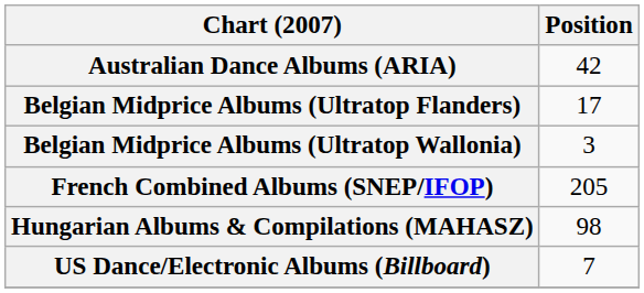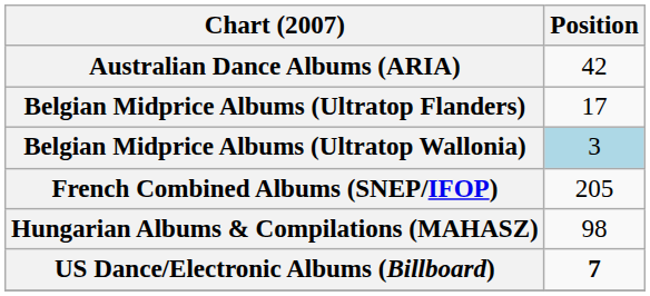 <table class="wikitable sortable plainrowheaders" style="text-align:center;">
 <tr>
 <th scope="col">Chart (2007)</th>
 <th scope="col">Position</th>
 </tr>
 <tr>
 <th scope="row">Australian Dance Albums (ARIA)</th>
 <td>42</td>
 </tr>
 <tr>
 <th scope="row">Belgian Midprice Albums (Ultratop Flanders)</th>
 <td>17</td>
 </tr>
 <tr>
 <th scope="row">Belgian Midprice Albums (Ultratop Wallonia)</th>
-<td>3</td>
+<td style="background: lightblue;">3</td>
 </tr>
 <tr>
 <th scope="row">French Combined Albums (SNEP/<a href='#'>IFOP</a>)</th>
 <td>205</td>
 </tr>
 <tr>
 <th scope="row">Hungarian Albums & Compilations (MAHASZ)</th>
 <td>98</td>
 </tr>
 <tr>
 <th scope="row">US Dance/Electronic Albums (<em>Billboard</em>)</th>
-<td>7</td>
+<td><strong>7</strong></td>
 </tr>
 <tr>
 </tr>
 </table>
